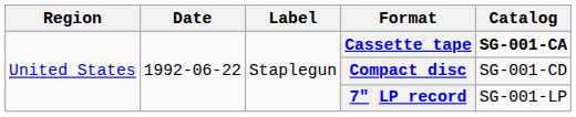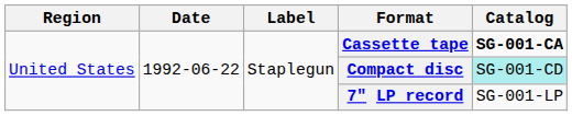 <table class="wikitable plainrowheaders">
 <tr>
 <th scope="col">Region</th>
 <th scope="col">Date</th>
 <th scope="col">Label</th>
 <th scope="col">Format</th>
 <th scope="col">Catalog</th>
 </tr>
 <tr>
 <td rowspan="3"><a href='#'>United States</a></td>
 <td rowspan="3">1992-06-22</td>
 <td rowspan="3">Staplegun</td>
 <th scope="row"><a href='#'>Cassette tape</a></th>
 <td><strong>SG-001-CA</strong></td>
 </tr>
 <tr>
 <th scope="row"><a href='#'>Compact disc</a></th>
-<td>SG-001-CD</td>
+<td style="background: paleturquoise;">SG-001-CD</td>
 </tr>
 <tr>
 <th scope="row"><a href='#'>7"</a> <a href='#'>LP record</a></th>
 <td>SG-001-LP</td>
 </tr>
 </table>
